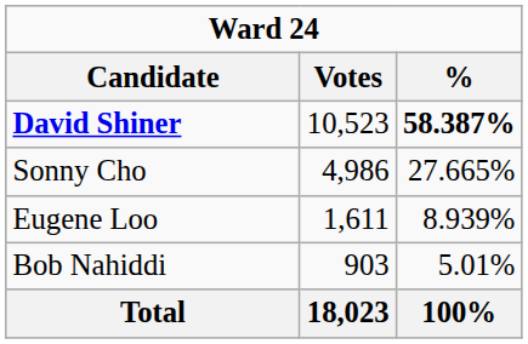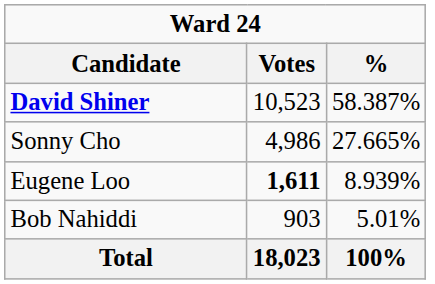 <table class="wikitable">
 <tr>
 <td Colspan="3" align="center"><strong>Ward 24</strong></td>
 </tr>
 <tr>
 <th bgcolor="#DDDDFF" width="150px">Candidate</th>
 <th bgcolor="#DDDDFF">Votes</th>
 <th bgcolor="#DDDDFF">%</th>
 </tr>
 <tr>
 <td><strong><a href='#'>David Shiner</a></strong></td>
 <td align=right>10,523</td>
-<td align=right><strong>58.387%</strong></td>
+<td align=right>58.387%</td>
 </tr>
 <tr>
 <td>Sonny Cho</td>
 <td align=right>4,986</td>
 <td align=right>27.665%</td>
 </tr>
 <tr>
 <td>Eugene Loo</td>
-<td align=right>1,611</td>
+<td align=right><strong>1,611</strong></td>
 <td align=right>8.939%</td>
 </tr>
 <tr>
 <td>Bob Nahiddi</td>
 <td align=right>903</td>
 <td align=right>5.01%</td>
 </tr>
 <tr>
 <th>Total</th>
 <th align=right>18,023</th>
 <th align=right>100%</th>
 </tr>
 </table>
